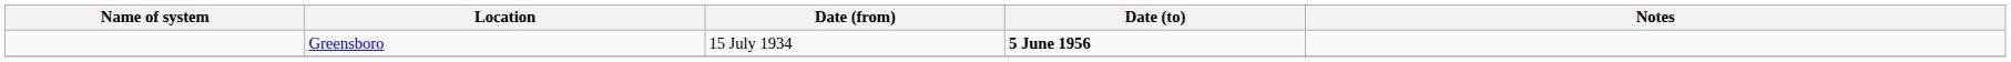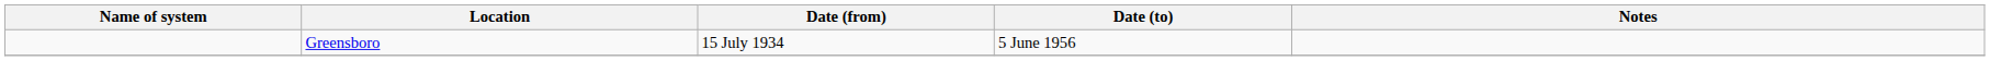 <table class="wikitable" width=100%>
 <tr>
 <th width=15%>Name of system</th>
 <th width=20%>Location</th>
 <th width=15%>Date (from)</th>
 <th width=15%>Date (to)</th>
 <th width=35%>Notes</th>
 </tr>
 <tr>
 <td> </td>
 <td><a href='#'>Greensboro</a></td>
 <td>15 July 1934</td>
-<td><strong>5 June 1956</strong></td>
+<td>5 June 1956</td>
 <td> </td>
 </tr>
 <tr>
 </tr>
 </table>
